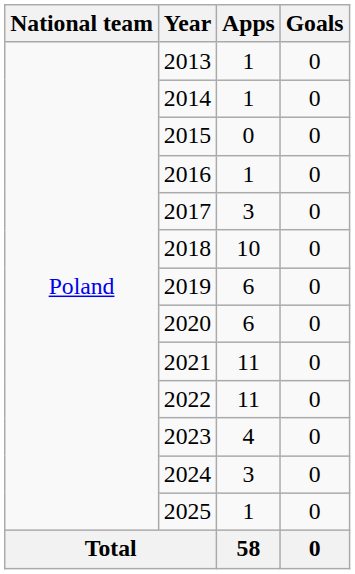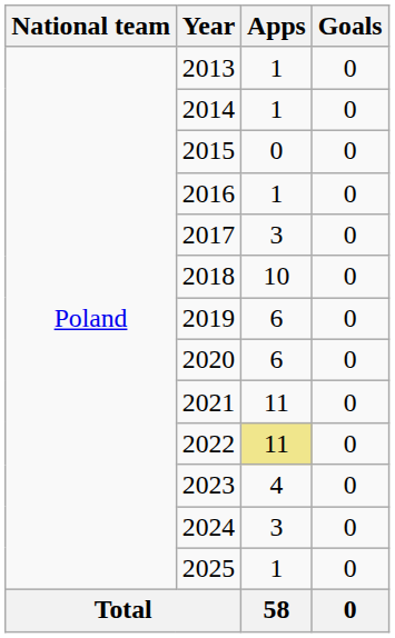 <table class="wikitable" style="text-align:center">
 <tr>
 <th>National team</th>
 <th>Year</th>
 <th>Apps</th>
 <th>Goals</th>
 </tr>
 <tr>
 <td rowspan="13"><a href='#'>Poland</a></td>
 <td>2013</td>
 <td>1</td>
 <td>0</td>
 </tr>
 <tr>
 <td>2014</td>
 <td>1</td>
 <td>0</td>
 </tr>
 <tr>
 <td>2015</td>
 <td>0</td>
 <td>0</td>
 </tr>
 <tr>
 <td>2016</td>
 <td>1</td>
 <td>0</td>
 </tr>
 <tr>
 <td>2017</td>
 <td>3</td>
 <td>0</td>
 </tr>
 <tr>
 <td>2018</td>
 <td>10</td>
 <td>0</td>
 </tr>
 <tr>
 <td>2019</td>
 <td>6</td>
 <td>0</td>
 </tr>
 <tr>
 <td>2020</td>
 <td>6</td>
 <td>0</td>
 </tr>
 <tr>
 <td>2021</td>
 <td>11</td>
 <td>0</td>
 </tr>
 <tr>
 <td>2022</td>
-<td>11</td>
+<td style="background: khaki;">11</td>
 <td>0</td>
 </tr>
 <tr>
 <td>2023</td>
 <td>4</td>
 <td>0</td>
 </tr>
 <tr>
 <td>2024</td>
 <td>3</td>
 <td>0</td>
 </tr>
 <tr>
 <td>2025</td>
 <td>1</td>
 <td>0</td>
 </tr>
 <tr>
 <th colspan="2">Total</th>
 <th>58</th>
 <th>0</th>
 </tr>
 </table>
